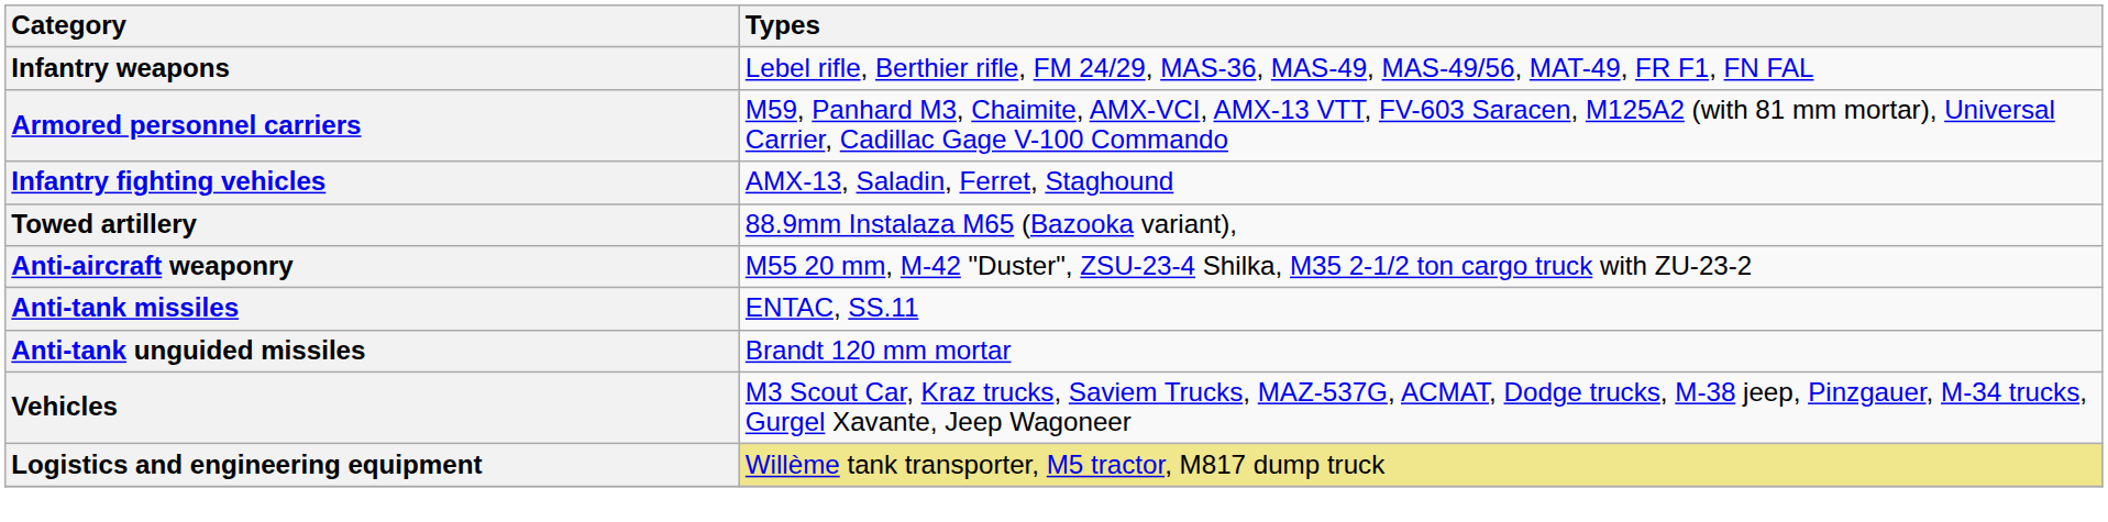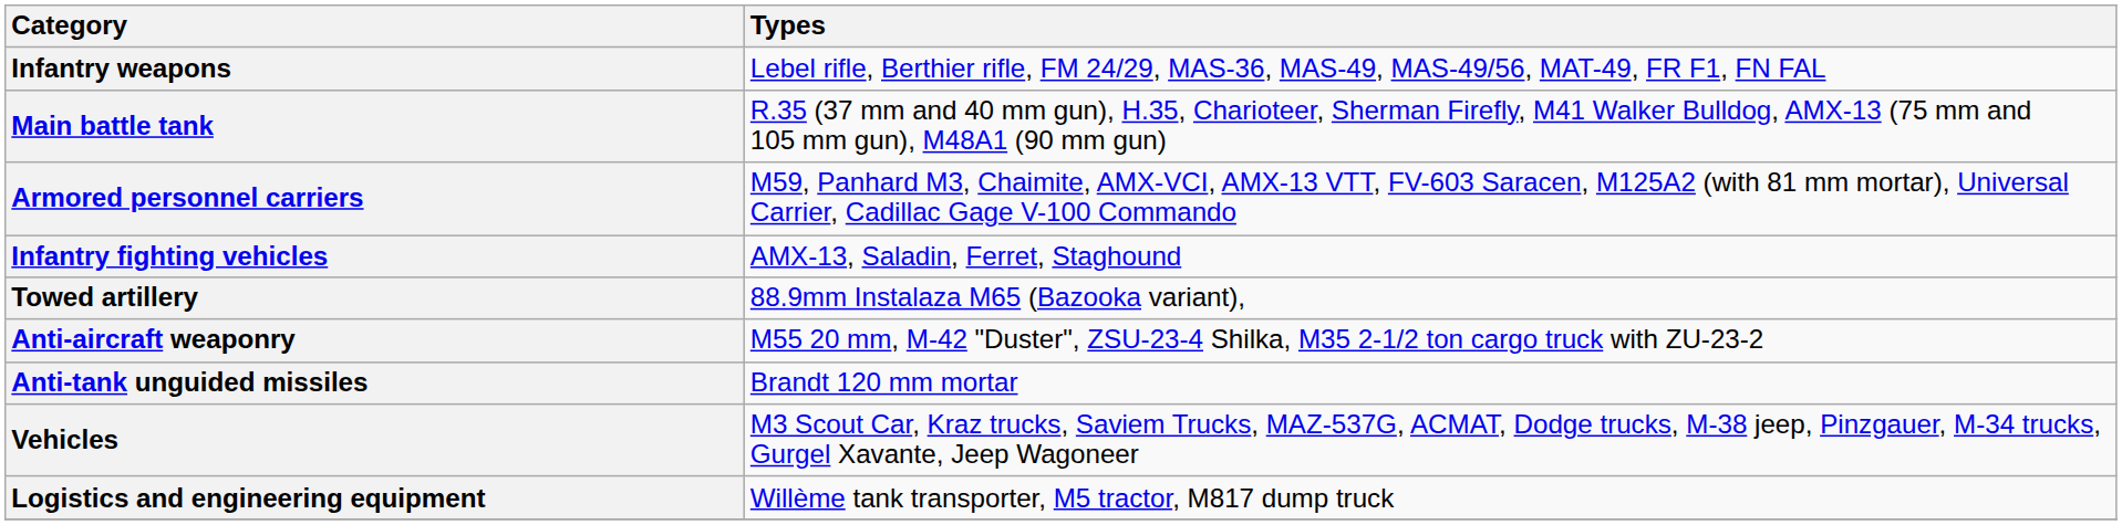 <table class="wikitable" width="100%">
 <tr>
 <th style="text-align: left; width: 35%">Category</th>
 <th style="text-align: left;">Types</th>
 </tr>
 <tr>
 <th style="text-align: left">Infantry weapons</th>
 <td><a href='#'>Lebel rifle</a>, <a href='#'>Berthier rifle</a>, <a href='#'>FM 24/29</a>, <a href='#'>MAS-36</a>, <a href='#'>MAS-49</a>, <a href='#'>MAS-49/56</a>, <a href='#'>MAT-49</a>, <a href='#'>FR F1</a>, <a href='#'>FN FAL</a></td>
+</tr>
+<tr>
+<th style="text-align: left"><a href='#'>Main battle tank</a></th>
+<td><a href='#'>R.35</a> (37 mm and 40 mm gun), <a href='#'> H.35</a>, <a href='#'>Charioteer</a>, <a href='#'>Sherman Firefly</a>, <a href='#'>M41 Walker Bulldog</a>, <a href='#'>AMX-13</a> (75 mm and 105 mm gun), <a href='#'>M48A1</a> (90 mm gun)</td>
 </tr>
 <tr>
 <th style="text-align: left"><a href='#'>Armored personnel carriers</a></th>
 <td><a href='#'>M59</a>, <a href='#'>Panhard M3</a>, <a href='#'>Chaimite</a>, <a href='#'>AMX-VCI</a>, <a href='#'>AMX-13 VTT</a>, <a href='#'>FV-603 Saracen</a>, <a href='#'>M125A2</a> (with 81 mm mortar), <a href='#'>Universal Carrier</a>, <a href='#'>Cadillac Gage V-100 Commando</a></td>
 </tr>
 <tr>
 <th style="text-align: left"><a href='#'>Infantry fighting vehicles</a></th>
 <td><a href='#'>AMX-13</a>, <a href='#'>Saladin</a>, <a href='#'>Ferret</a>, <a href='#'>Staghound</a></td>
 </tr>
 <tr>
 <th style="text-align: left">Towed artillery</th>
 <td><a href='#'>88.9mm Instalaza M65</a> (<a href='#'>Bazooka</a> variant),</td>
 </tr>
 <tr>
 <th style="text-align: left"><a href='#'>Anti-aircraft</a> weaponry</th>
 <td><a href='#'>M55 20 mm</a>, <a href='#'>M-42</a> "Duster", <a href='#'>ZSU-23-4</a> Shilka, <a href='#'>M35 2-1/2 ton cargo truck</a> with ZU-23-2</td>
 </tr>
 <tr>
-<th style="text-align: left"><a href='#'>Anti-tank missiles</a></th>
-<td><a href='#'>ENTAC</a>, <a href='#'>SS.11</a></td>
-</tr>
-<tr>
 <th style="text-align: left"><a href='#'>Anti-tank</a> unguided missiles</th>
 <td><a href='#'>Brandt 120 mm mortar</a></td>
 </tr>
 <tr>
 <th style="text-align: left">Vehicles</th>
 <td><a href='#'>M3 Scout Car</a>, <a href='#'>Kraz trucks</a>, <a href='#'>Saviem Trucks</a>, <a href='#'>MAZ-537G</a>, <a href='#'>ACMAT</a>, <a href='#'>Dodge trucks</a>, <a href='#'>M-38</a> jeep, <a href='#'>Pinzgauer</a>, <a href='#'>M-34 trucks</a>, <a href='#'>Gurgel</a> Xavante, Jeep Wagoneer</td>
 </tr>
 <tr>
 <th style="text-align: left">Logistics and engineering equipment</th>
-<td style="background: khaki;"><a href='#'>Willème</a> tank transporter, <a href='#'>M5 tractor</a>, M817 dump truck</td>
+<td><a href='#'>Willème</a> tank transporter, <a href='#'>M5 tractor</a>, M817 dump truck</td>
 </tr>
 <tr>
 </tr>
 </table>
